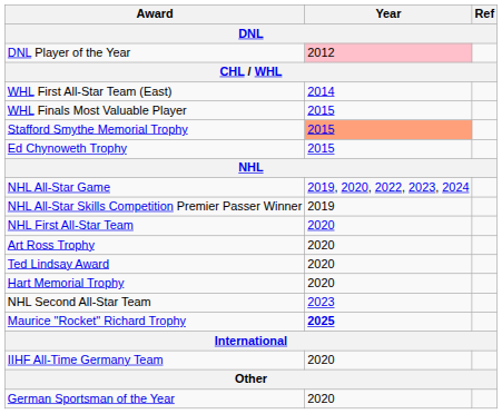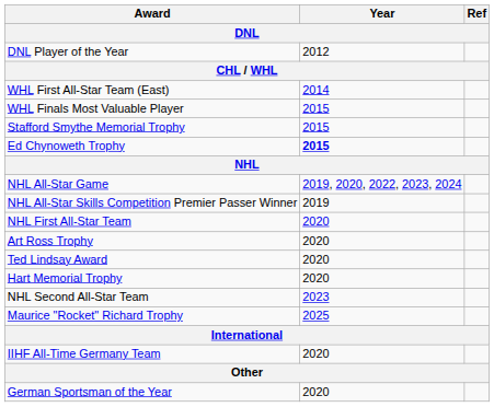 <table class="wikitable">
 <tr>
 <th>Award</th>
 <th>Year</th>
 <th>Ref</th>
 </tr>
 <tr>
 <th colspan="3"><a href='#'>DNL</a></th>
 </tr>
 <tr>
 <td><a href='#'>DNL</a> Player of the Year</td>
-<td style="background: pink;">2012</td>
+<td>2012</td>
 <td></td>
 </tr>
 <tr>
 <th colspan="3"><a href='#'>CHL</a> / <a href='#'>WHL</a></th>
 </tr>
 <tr>
 <td><a href='#'>WHL</a> First All-Star Team (East)</td>
 <td><a href='#'>2014</a></td>
 <td></td>
 </tr>
 <tr>
 <td><a href='#'>WHL</a> Finals Most Valuable Player</td>
 <td><a href='#'>2015</a></td>
 <td></td>
 </tr>
 <tr>
 <td><a href='#'>Stafford Smythe Memorial Trophy</a></td>
-<td style="background: lightsalmon;"><a href='#'>2015</a></td>
+<td><a href='#'>2015</a></td>
 <td></td>
 </tr>
 <tr>
 <td><a href='#'>Ed Chynoweth Trophy</a></td>
-<td><a href='#'>2015</a></td>
+<td><strong><a href='#'>2015</a></strong></td>
 <td></td>
 </tr>
 <tr>
 <th colspan="3"><a href='#'>NHL</a></th>
 </tr>
 <tr>
 <td><a href='#'>NHL All-Star Game</a></td>
 <td><a href='#'>2019</a>, <a href='#'>2020</a>, <a href='#'>2022</a>, <a href='#'>2023</a>, <a href='#'>2024</a></td>
 <td></td>
 </tr>
 <tr>
 <td><a href='#'>NHL All-Star Skills Competition</a> Premier Passer Winner</td>
 <td>2019</td>
 <td></td>
 </tr>
 <tr>
 <td><a href='#'>NHL First All-Star Team</a></td>
 <td><a href='#'>2020</a></td>
 <td></td>
 </tr>
 <tr>
 <td><a href='#'>Art Ross Trophy</a></td>
 <td>2020</td>
 <td></td>
 </tr>
 <tr>
 <td><a href='#'>Ted Lindsay Award</a></td>
 <td>2020</td>
 <td></td>
 </tr>
 <tr>
 <td><a href='#'>Hart Memorial Trophy</a></td>
 <td>2020</td>
 <td></td>
 </tr>
 <tr>
 <td>NHL Second All-Star Team</td>
 <td><a href='#'>2023</a></td>
 <td></td>
 </tr>
 <tr>
 <td><a href='#'>Maurice "Rocket" Richard Trophy</a></td>
-<td><strong><a href='#'>2025</a></strong></td>
+<td><a href='#'>2025</a></td>
 <td></td>
 </tr>
 <tr>
 <th colspan="3"><a href='#'>International</a></th>
 </tr>
 <tr>
 <td><a href='#'>IIHF All-Time Germany Team</a></td>
 <td>2020</td>
 <td></td>
 </tr>
 <tr>
 <th colspan="3">Other</th>
 </tr>
 <tr>
 <td><a href='#'>German Sportsman of the Year</a></td>
 <td>2020</td>
 <td></td>
 </tr>
 </table>
